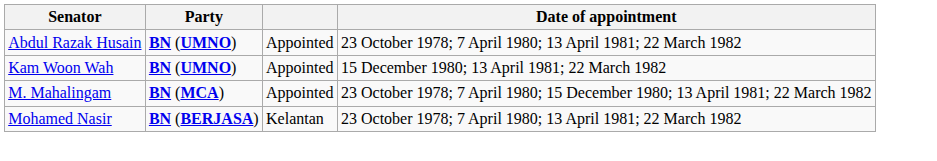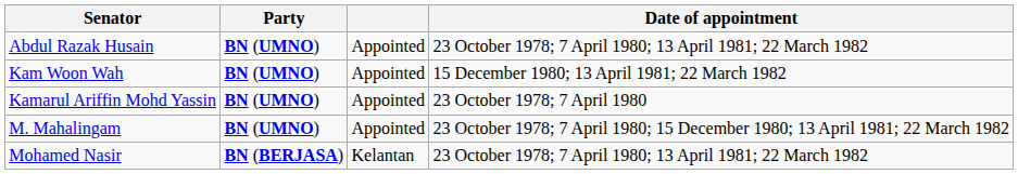 <table class="wikitable sortable">
 <tr>
 <th>Senator</th>
 <th>Party</th>
 <th></th>
 <th>Date of appointment</th>
 </tr>
 <tr>
 <td><a href='#'>Abdul Razak Husain</a></td>
 <td><strong><a href='#'>BN</a></strong> (<strong><a href='#'>UMNO</a></strong>)</td>
 <td>Appointed</td>
 <td>23 October 1978; 7 April 1980; 13 April 1981; 22 March 1982</td>
 </tr>
 <tr>
 <td><a href='#'>Kam Woon Wah</a></td>
 <td><strong><a href='#'>BN</a></strong> (<strong><a href='#'>UMNO</a></strong>)</td>
 <td>Appointed</td>
 <td>15 December 1980; 13 April 1981; 22 March 1982</td>
 </tr>
 <tr>
+<td><a href='#'>Kamarul Ariffin Mohd Yassin</a></td>
+<td><strong><a href='#'>BN</a></strong> (<strong><a href='#'>UMNO</a></strong>)</td>
+<td>Appointed</td>
+<td>23 October 1978; 7 April 1980</td>
+</tr>
+<tr>
 <td><a href='#'>M. Mahalingam</a></td>
-<td><strong><a href='#'>BN</a></strong> (<strong><a href='#'>MCA</a></strong>)</td>
+<td><strong><a href='#'>BN</a></strong> (<strong><a href='#'>UMNO</a></strong>)</td>
 <td>Appointed</td>
 <td>23 October 1978; 7 April 1980; 15 December 1980; 13 April 1981; 22 March 1982</td>
 </tr>
 <tr>
 <td><a href='#'>Mohamed Nasir</a></td>
 <td><strong><a href='#'>BN</a></strong> (<strong><a href='#'>BERJASA</a></strong>)</td>
 <td>Kelantan</td>
 <td>23 October 1978; 7 April 1980; 13 April 1981; 22 March 1982</td>
 </tr>
 </table>
